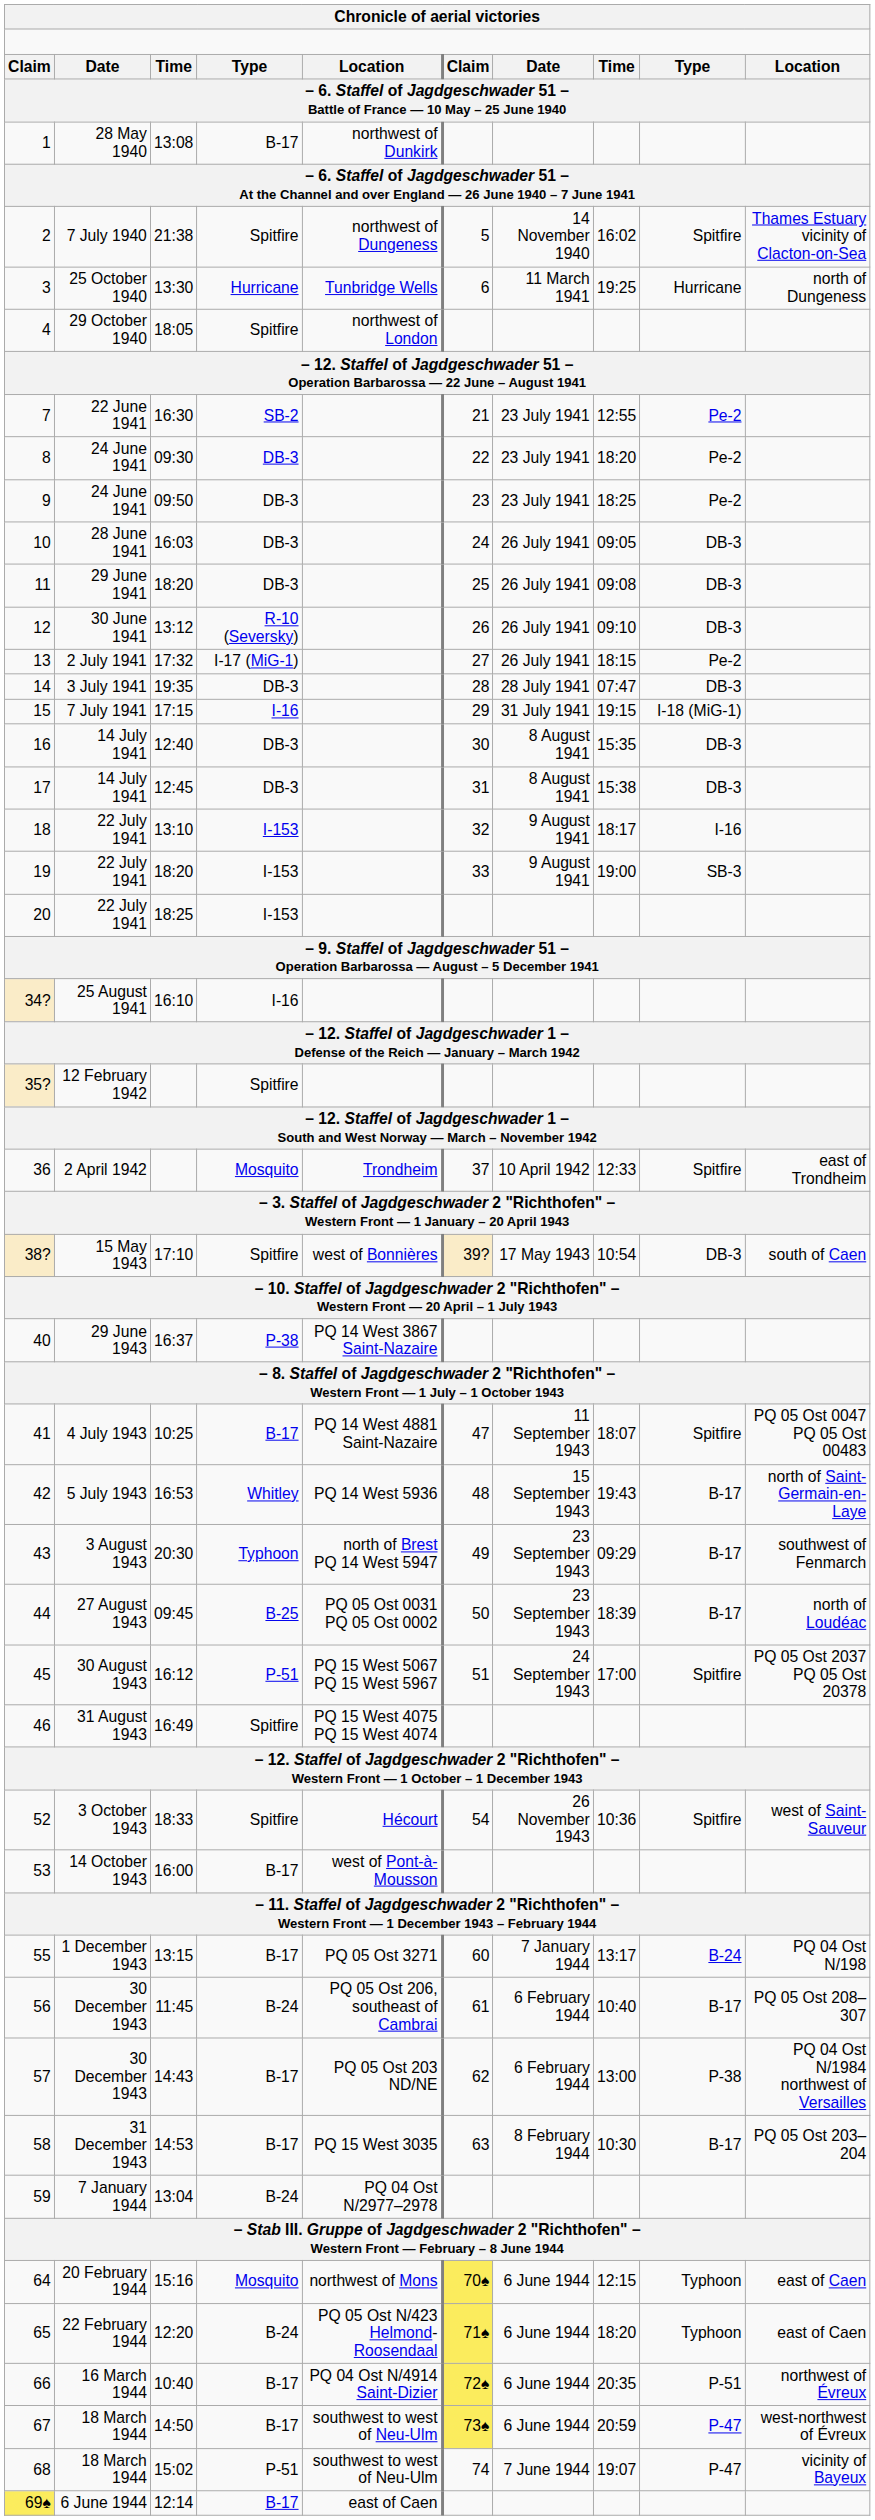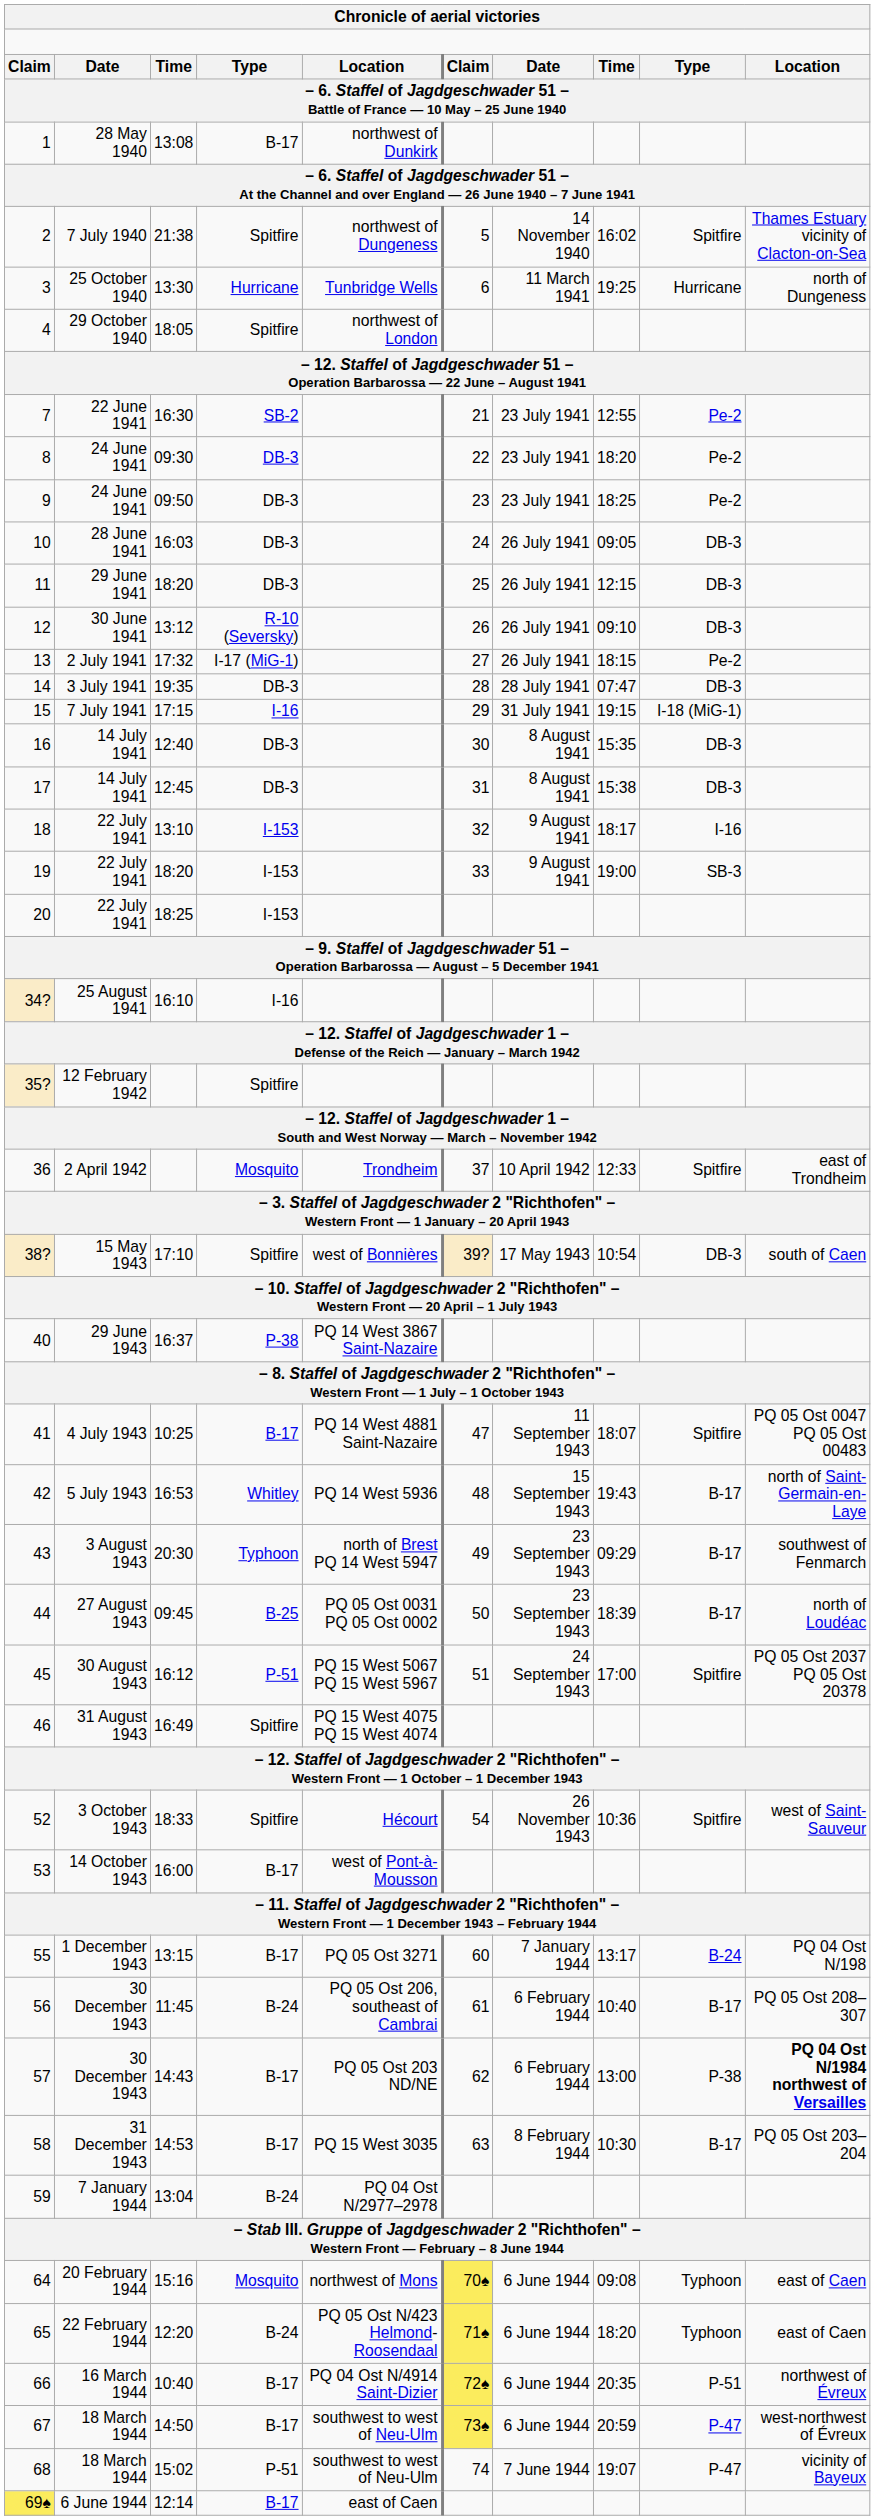 <table class="wikitable plainrowheaders collapsible" style="margin-left: auto; margin-right: auto; border: none; text-align:right; width: 100%;">
 <tr>
 <th colspan="10">Chronicle of aerial victories</th>
 </tr>
 <tr>
 <td colspan="10" style="text-align: left;"><br> </td>
 </tr>
 <tr>
 <th scope="col">Claim</th>
 <th scope="col">Date</th>
 <th scope="col">Time</th>
 <th scope="col" width="100px">Type</th>
 <th scope="col">Location</th>
 <th scope="col" style="border-left: 3px solid grey;">Claim</th>
 <th scope="col">Date</th>
 <th scope="col">Time</th>
 <th scope="col" width="100px">Type</th>
 <th scope="col">Location</th>
 </tr>
 <tr>
 <th colspan="10">– 6. <em>Staffel</em> of <em>Jagdgeschwader</em> 51 –<br><small>Battle of France — 10 May – 25 June 1940</small></th>
 </tr>
 <tr>
 <td>1</td>
 <td>28 May 1940</td>
 <td>13:08</td>
 <td>B-17</td>
 <td>northwest of <a href='#'>Dunkirk</a></td>
 <td style="border-left: 3px solid grey;"></td>
 <td></td>
 <td></td>
 <td></td>
 <td></td>
 </tr>
 <tr>
 <th colspan="10">– 6. <em>Staffel</em> of <em>Jagdgeschwader</em> 51 –<br><small>At the Channel and over England — 26 June 1940 – 7 June 1941</small></th>
 </tr>
 <tr>
 <td>2</td>
 <td>7 July 1940</td>
 <td>21:38</td>
 <td>Spitfire</td>
 <td>northwest of <a href='#'>Dungeness</a></td>
 <td style="border-left: 3px solid grey;">5</td>
 <td>14 November 1940</td>
 <td>16:02</td>
 <td>Spitfire</td>
 <td><a href='#'>Thames Estuary</a><br>vicinity of <a href='#'>Clacton-on-Sea</a></td>
 </tr>
 <tr>
 <td>3</td>
 <td>25 October 1940</td>
 <td>13:30</td>
 <td><a href='#'>Hurricane</a></td>
 <td><a href='#'>Tunbridge Wells</a></td>
 <td style="border-left: 3px solid grey;">6</td>
 <td>11 March 1941</td>
 <td>19:25</td>
 <td>Hurricane</td>
 <td> north of Dungeness</td>
 </tr>
 <tr>
 <td>4</td>
 <td>29 October 1940</td>
 <td>18:05</td>
 <td>Spitfire</td>
 <td> northwest of <a href='#'>London</a></td>
 <td style="border-left: 3px solid grey;"></td>
 <td></td>
 <td></td>
 <td></td>
 <td></td>
 </tr>
 <tr>
 <th colspan="10">– 12. <em>Staffel</em> of <em>Jagdgeschwader</em> 51 –<br><small>Operation Barbarossa — 22 June – August 1941</small></th>
 </tr>
 <tr>
 <td>7</td>
 <td>22 June 1941</td>
 <td>16:30</td>
 <td><a href='#'>SB-2</a></td>
 <td></td>
 <td style="border-left: 3px solid grey;">21</td>
 <td>23 July 1941</td>
 <td>12:55</td>
 <td><a href='#'>Pe-2</a></td>
 <td></td>
 </tr>
 <tr>
 <td>8</td>
 <td>24 June 1941</td>
 <td>09:30</td>
 <td><a href='#'>DB-3</a></td>
 <td></td>
 <td style="border-left: 3px solid grey;">22</td>
 <td>23 July 1941</td>
 <td>18:20</td>
 <td>Pe-2</td>
 <td></td>
 </tr>
 <tr>
 <td>9</td>
 <td>24 June 1941</td>
 <td>09:50</td>
 <td>DB-3</td>
 <td></td>
 <td style="border-left: 3px solid grey;">23</td>
 <td>23 July 1941</td>
 <td>18:25</td>
 <td>Pe-2</td>
 <td></td>
 </tr>
 <tr>
 <td>10</td>
 <td>28 June 1941</td>
 <td>16:03</td>
 <td>DB-3</td>
 <td></td>
 <td style="border-left: 3px solid grey;">24</td>
 <td>26 July 1941</td>
 <td>09:05</td>
 <td>DB-3</td>
 <td></td>
 </tr>
 <tr>
 <td>11</td>
 <td>29 June 1941</td>
 <td>18:20</td>
 <td>DB-3</td>
 <td></td>
 <td style="border-left: 3px solid grey;">25</td>
 <td>26 July 1941</td>
-<td>09:08</td>
+<td>12:15</td>
 <td>DB-3</td>
 <td></td>
 </tr>
 <tr>
 <td>12</td>
 <td>30 June 1941</td>
 <td>13:12</td>
 <td><a href='#'>R-10</a> (<a href='#'>Seversky</a>)</td>
 <td></td>
 <td style="border-left: 3px solid grey;">26</td>
 <td>26 July 1941</td>
 <td>09:10</td>
 <td>DB-3</td>
 <td></td>
 </tr>
 <tr>
 <td>13</td>
 <td>2 July 1941</td>
 <td>17:32</td>
 <td>I-17 (<a href='#'>MiG-1</a>)</td>
 <td></td>
 <td style="border-left: 3px solid grey;">27</td>
 <td>26 July 1941</td>
 <td>18:15</td>
 <td>Pe-2</td>
 <td></td>
 </tr>
 <tr>
 <td>14</td>
 <td>3 July 1941</td>
 <td>19:35</td>
 <td>DB-3</td>
 <td></td>
 <td style="border-left: 3px solid grey;">28</td>
 <td>28 July 1941</td>
 <td>07:47</td>
 <td>DB-3</td>
 <td></td>
 </tr>
 <tr>
 <td>15</td>
 <td>7 July 1941</td>
 <td>17:15</td>
 <td><a href='#'>I-16</a></td>
 <td></td>
 <td style="border-left: 3px solid grey;">29</td>
 <td>31 July 1941</td>
 <td>19:15</td>
 <td>I-18 (MiG-1)</td>
 <td></td>
 </tr>
 <tr>
 <td>16</td>
 <td>14 July 1941</td>
 <td>12:40</td>
 <td>DB-3</td>
 <td></td>
 <td style="border-left: 3px solid grey;">30</td>
 <td>8 August 1941</td>
 <td>15:35</td>
 <td>DB-3</td>
 <td></td>
 </tr>
 <tr>
 <td>17</td>
 <td>14 July 1941</td>
 <td>12:45</td>
 <td>DB-3</td>
 <td></td>
 <td style="border-left: 3px solid grey;">31</td>
 <td>8 August 1941</td>
 <td>15:38</td>
 <td>DB-3</td>
 <td></td>
 </tr>
 <tr>
 <td>18</td>
 <td>22 July 1941</td>
 <td>13:10</td>
 <td><a href='#'>I-153</a></td>
 <td></td>
 <td style="border-left: 3px solid grey;">32</td>
 <td>9 August 1941</td>
 <td>18:17</td>
 <td>I-16</td>
 <td></td>
 </tr>
 <tr>
 <td>19</td>
 <td>22 July 1941</td>
 <td>18:20</td>
 <td>I-153</td>
 <td></td>
 <td style="border-left: 3px solid grey;">33</td>
 <td>9 August 1941</td>
 <td>19:00</td>
 <td>SB-3</td>
 <td></td>
 </tr>
 <tr>
 <td>20</td>
 <td>22 July 1941</td>
 <td>18:25</td>
 <td>I-153</td>
 <td></td>
 <td style="border-left: 3px solid grey;"></td>
 <td></td>
 <td></td>
 <td></td>
 <td></td>
 </tr>
 <tr>
 <th colspan="10">– 9. <em>Staffel</em> of <em>Jagdgeschwader</em> 51 –<br><small>Operation Barbarossa — August – 5 December 1941</small></th>
 </tr>
 <tr>
 <td style="background:#faecc8">34?</td>
 <td>25 August 1941</td>
 <td>16:10</td>
 <td>I-16</td>
 <td></td>
 <td style="border-left: 3px solid grey;"></td>
 <td></td>
 <td></td>
 <td></td>
 <td></td>
 </tr>
 <tr>
 <th colspan="10">– 12. <em>Staffel</em> of <em>Jagdgeschwader</em> 1 –<br><small>Defense of the Reich — January – March 1942</small></th>
 </tr>
 <tr>
 <td style="background:#faecc8">35?</td>
 <td>12 February 1942</td>
 <td></td>
 <td>Spitfire</td>
 <td></td>
 <td style="border-left: 3px solid grey;"></td>
 <td></td>
 <td></td>
 <td></td>
 <td></td>
 </tr>
 <tr>
 <th colspan="10">– 12. <em>Staffel</em> of <em>Jagdgeschwader</em> 1 –<br><small>South and West Norway — March – November 1942</small></th>
 </tr>
 <tr>
 <td>36</td>
 <td>2 April 1942</td>
 <td></td>
 <td><a href='#'>Mosquito</a></td>
 <td><a href='#'>Trondheim</a></td>
 <td style="border-left: 3px solid grey;">37</td>
 <td>10 April 1942</td>
 <td>12:33</td>
 <td>Spitfire</td>
 <td> east of Trondheim</td>
 </tr>
 <tr>
 <th colspan="10">– 3. <em>Staffel</em> of <em>Jagdgeschwader</em> 2 "Richthofen" –<br><small>Western Front — 1 January – 20 April 1943</small></th>
 </tr>
 <tr>
 <td style="background:#faecc8">38?</td>
 <td>15 May 1943</td>
 <td>17:10</td>
 <td>Spitfire</td>
 <td> west of <a href='#'>Bonnières</a></td>
 <td style="border-left: 3px solid grey; background:#faecc8">39?</td>
 <td>17 May 1943</td>
 <td>10:54</td>
 <td>DB-3</td>
 <td> south of <a href='#'>Caen</a></td>
 </tr>
 <tr>
 <th colspan="10">– 10. <em>Staffel</em> of <em>Jagdgeschwader</em> 2 "Richthofen" –<br><small>Western Front — 20 April – 1 July 1943</small></th>
 </tr>
 <tr>
 <td>40</td>
 <td>29 June 1943</td>
 <td>16:37</td>
 <td><a href='#'>P-38</a></td>
 <td>PQ 14 West 3867<br><a href='#'>Saint-Nazaire</a></td>
 <td style="border-left: 3px solid grey;"></td>
 <td></td>
 <td></td>
 <td></td>
 <td></td>
 </tr>
 <tr>
 <th colspan="10">– 8. <em>Staffel</em> of <em>Jagdgeschwader</em> 2 "Richthofen" –<br><small>Western Front — 1 July – 1 October 1943</small></th>
 </tr>
 <tr>
 <td>41</td>
 <td>4 July 1943</td>
 <td>10:25</td>
 <td><a href='#'>B-17</a></td>
 <td>PQ 14 West 4881<br>Saint-Nazaire</td>
 <td style="border-left: 3px solid grey;">47</td>
 <td>11 September 1943</td>
 <td>18:07</td>
 <td>Spitfire</td>
 <td>PQ 05 Ost 0047<br>PQ 05 Ost 00483</td>
 </tr>
 <tr>
 <td>42</td>
 <td>5 July 1943</td>
 <td>16:53</td>
 <td><a href='#'>Whitley</a></td>
 <td>PQ 14 West 5936</td>
 <td style="border-left: 3px solid grey;">48</td>
 <td>15 September 1943</td>
 <td>19:43</td>
 <td>B-17</td>
 <td> north of <a href='#'>Saint-Germain-en-Laye</a></td>
 </tr>
 <tr>
 <td>43</td>
 <td>3 August 1943</td>
 <td>20:30</td>
 <td><a href='#'>Typhoon</a></td>
 <td>north of <a href='#'>Brest</a><br>PQ 14 West 5947</td>
 <td style="border-left: 3px solid grey;">49</td>
 <td>23 September 1943</td>
 <td>09:29</td>
 <td>B-17</td>
 <td> southwest of Fenmarch</td>
 </tr>
 <tr>
 <td>44</td>
 <td>27 August 1943</td>
 <td>09:45</td>
 <td><a href='#'>B-25</a></td>
 <td>PQ 05 Ost 0031<br>PQ 05 Ost 0002</td>
 <td style="border-left: 3px solid grey;">50</td>
 <td>23 September 1943</td>
 <td>18:39</td>
 <td>B-17</td>
 <td>north of <a href='#'>Loudéac</a></td>
 </tr>
 <tr>
 <td>45</td>
 <td>30 August 1943</td>
 <td>16:12</td>
 <td><a href='#'>P-51</a></td>
 <td>PQ 15 West 5067<br>PQ 15 West 5967</td>
 <td style="border-left: 3px solid grey;">51</td>
 <td>24 September 1943</td>
 <td>17:00</td>
 <td>Spitfire</td>
 <td>PQ 05 Ost 2037<br>PQ 05 Ost 20378</td>
 </tr>
 <tr>
 <td>46</td>
 <td>31 August 1943</td>
 <td>16:49</td>
 <td>Spitfire</td>
 <td>PQ 15 West 4075<br>PQ 15 West 4074</td>
 <td style="border-left: 3px solid grey;"></td>
 <td></td>
 <td></td>
 <td></td>
 <td></td>
 </tr>
 <tr>
 <th colspan="10">– 12. <em>Staffel</em> of <em>Jagdgeschwader</em> 2 "Richthofen" –<br><small>Western Front — 1 October – 1 December 1943</small></th>
 </tr>
 <tr>
 <td>52</td>
 <td>3 October 1943</td>
 <td>18:33</td>
 <td>Spitfire</td>
 <td><a href='#'>Hécourt</a></td>
 <td style="border-left: 3px solid grey;">54</td>
 <td>26 November 1943</td>
 <td>10:36</td>
 <td>Spitfire</td>
 <td>west of <a href='#'>Saint-Sauveur</a></td>
 </tr>
 <tr>
 <td>53</td>
 <td>14 October 1943</td>
 <td>16:00</td>
 <td>B-17</td>
 <td>west of <a href='#'>Pont-à-Mousson</a></td>
 <td style="border-left: 3px solid grey;"></td>
 <td></td>
 <td></td>
 <td></td>
 <td></td>
 </tr>
 <tr>
 <th colspan="10">– 11. <em>Staffel</em> of <em>Jagdgeschwader</em> 2 "Richthofen" –<br><small>Western Front — 1 December 1943 – February 1944</small></th>
 </tr>
 <tr>
 <td>55</td>
 <td>1 December 1943</td>
 <td>13:15</td>
 <td>B-17</td>
 <td>PQ 05 Ost 3271</td>
 <td style="border-left: 3px solid grey;">60</td>
 <td>7 January 1944</td>
 <td>13:17</td>
 <td><a href='#'>B-24</a></td>
 <td>PQ 04 Ost N/198</td>
 </tr>
 <tr>
 <td>56</td>
 <td>30 December 1943</td>
 <td>11:45</td>
 <td>B-24</td>
 <td>PQ 05 Ost 206, southeast of <a href='#'>Cambrai</a></td>
 <td style="border-left: 3px solid grey;">61</td>
 <td>6 February 1944</td>
 <td>10:40</td>
 <td>B-17</td>
 <td>PQ 05 Ost 208–307</td>
 </tr>
 <tr>
 <td>57</td>
 <td>30 December 1943</td>
 <td>14:43</td>
 <td>B-17</td>
 <td>PQ 05 Ost 203 ND/NE</td>
 <td style="border-left: 3px solid grey;">62</td>
 <td>6 February 1944</td>
 <td>13:00</td>
 <td>P-38</td>
-<td>PQ 04 Ost N/1984<br>northwest of <a href='#'>Versailles</a></td>
+<td><strong>PQ 04 Ost N/1984<br>northwest of <a href='#'>Versailles</a></strong></td>
 </tr>
 <tr>
 <td>58</td>
 <td>31 December 1943</td>
 <td>14:53</td>
 <td>B-17</td>
 <td>PQ 15 West 3035</td>
 <td style="border-left: 3px solid grey;">63</td>
 <td>8 February 1944</td>
 <td>10:30</td>
 <td>B-17</td>
 <td>PQ 05 Ost 203–204</td>
 </tr>
 <tr>
 <td>59</td>
 <td>7 January 1944</td>
 <td>13:04</td>
 <td>B-24</td>
 <td>PQ 04 Ost N/2977–2978</td>
 <td style="border-left: 3px solid grey;"></td>
 <td></td>
 <td></td>
 <td></td>
 <td></td>
 </tr>
 <tr>
 <th colspan="10">– <em>Stab</em> III. <em>Gruppe</em> of <em>Jagdgeschwader</em> 2 "Richthofen" –<br><small>Western Front — February – 8 June 1944</small></th>
 </tr>
 <tr>
 <td>64</td>
 <td>20 February 1944</td>
 <td>15:16</td>
 <td><a href='#'>Mosquito</a></td>
 <td> northwest of <a href='#'>Mons</a></td>
 <td style="border-left: 3px solid grey; background:#fbec5d;">70♠</td>
 <td>6 June 1944</td>
-<td>12:15</td>
+<td>09:08</td>
 <td>Typhoon</td>
 <td>east of <a href='#'>Caen</a></td>
 </tr>
 <tr>
 <td>65</td>
 <td>22 February 1944</td>
 <td>12:20</td>
 <td>B-24</td>
 <td>PQ 05 Ost N/423<br><a href='#'>Helmond</a>-<a href='#'>Roosendaal</a></td>
 <td style="border-left: 3px solid grey; background:#fbec5d;">71♠</td>
 <td>6 June 1944</td>
 <td>18:20</td>
 <td>Typhoon</td>
 <td>east of Caen</td>
 </tr>
 <tr>
 <td>66</td>
 <td>16 March 1944</td>
 <td>10:40</td>
 <td>B-17</td>
 <td>PQ 04 Ost N/4914<br><a href='#'>Saint-Dizier</a></td>
 <td style="border-left: 3px solid grey; background:#fbec5d;">72♠</td>
 <td>6 June 1944</td>
 <td>20:35</td>
 <td>P-51</td>
 <td> northwest of <a href='#'>Évreux</a></td>
 </tr>
 <tr>
 <td>67</td>
 <td>18 March 1944</td>
 <td>14:50</td>
 <td>B-17</td>
 <td>southwest to west of <a href='#'>Neu-Ulm</a></td>
 <td style="border-left: 3px solid grey; background:#fbec5d;">73♠</td>
 <td>6 June 1944</td>
 <td>20:59</td>
 <td><a href='#'>P-47</a></td>
 <td> west-northwest of Évreux</td>
 </tr>
 <tr>
 <td>68</td>
 <td>18 March 1944</td>
 <td>15:02</td>
 <td>P-51</td>
 <td>southwest to west of Neu-Ulm</td>
 <td style="border-left: 3px solid grey;">74</td>
 <td>7 June 1944</td>
 <td>19:07</td>
 <td>P-47</td>
 <td>vicinity of <a href='#'>Bayeux</a></td>
 </tr>
 <tr>
 <td style="background:#fbec5d;">69♠</td>
 <td>6 June 1944</td>
 <td>12:14</td>
 <td><a href='#'>B-17</a></td>
 <td>east of Caen</td>
 <td style="border-left: 3px solid grey;"></td>
 <td></td>
 <td></td>
 <td></td>
 <td></td>
 </tr>
 </table>
